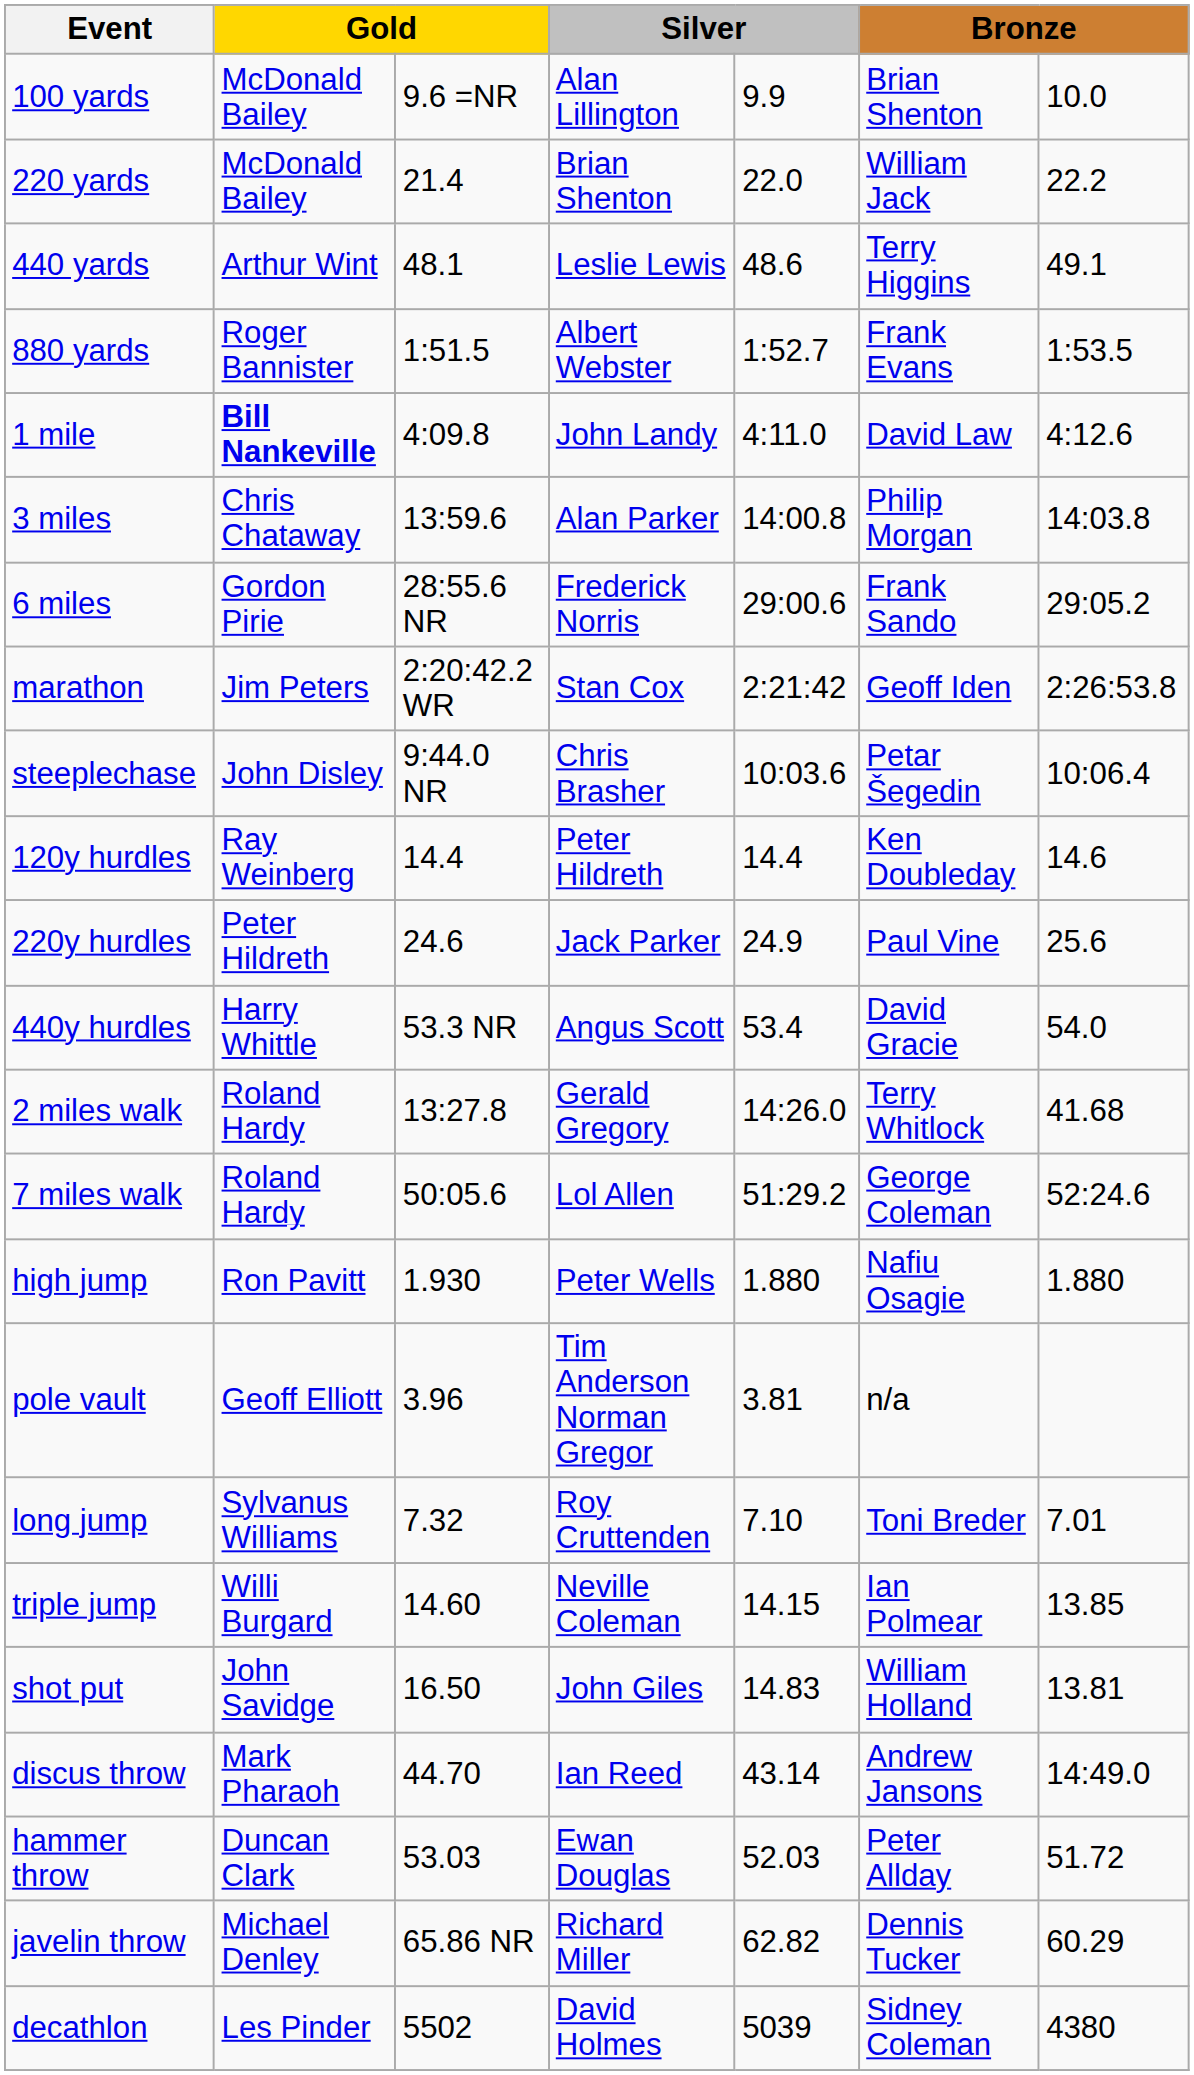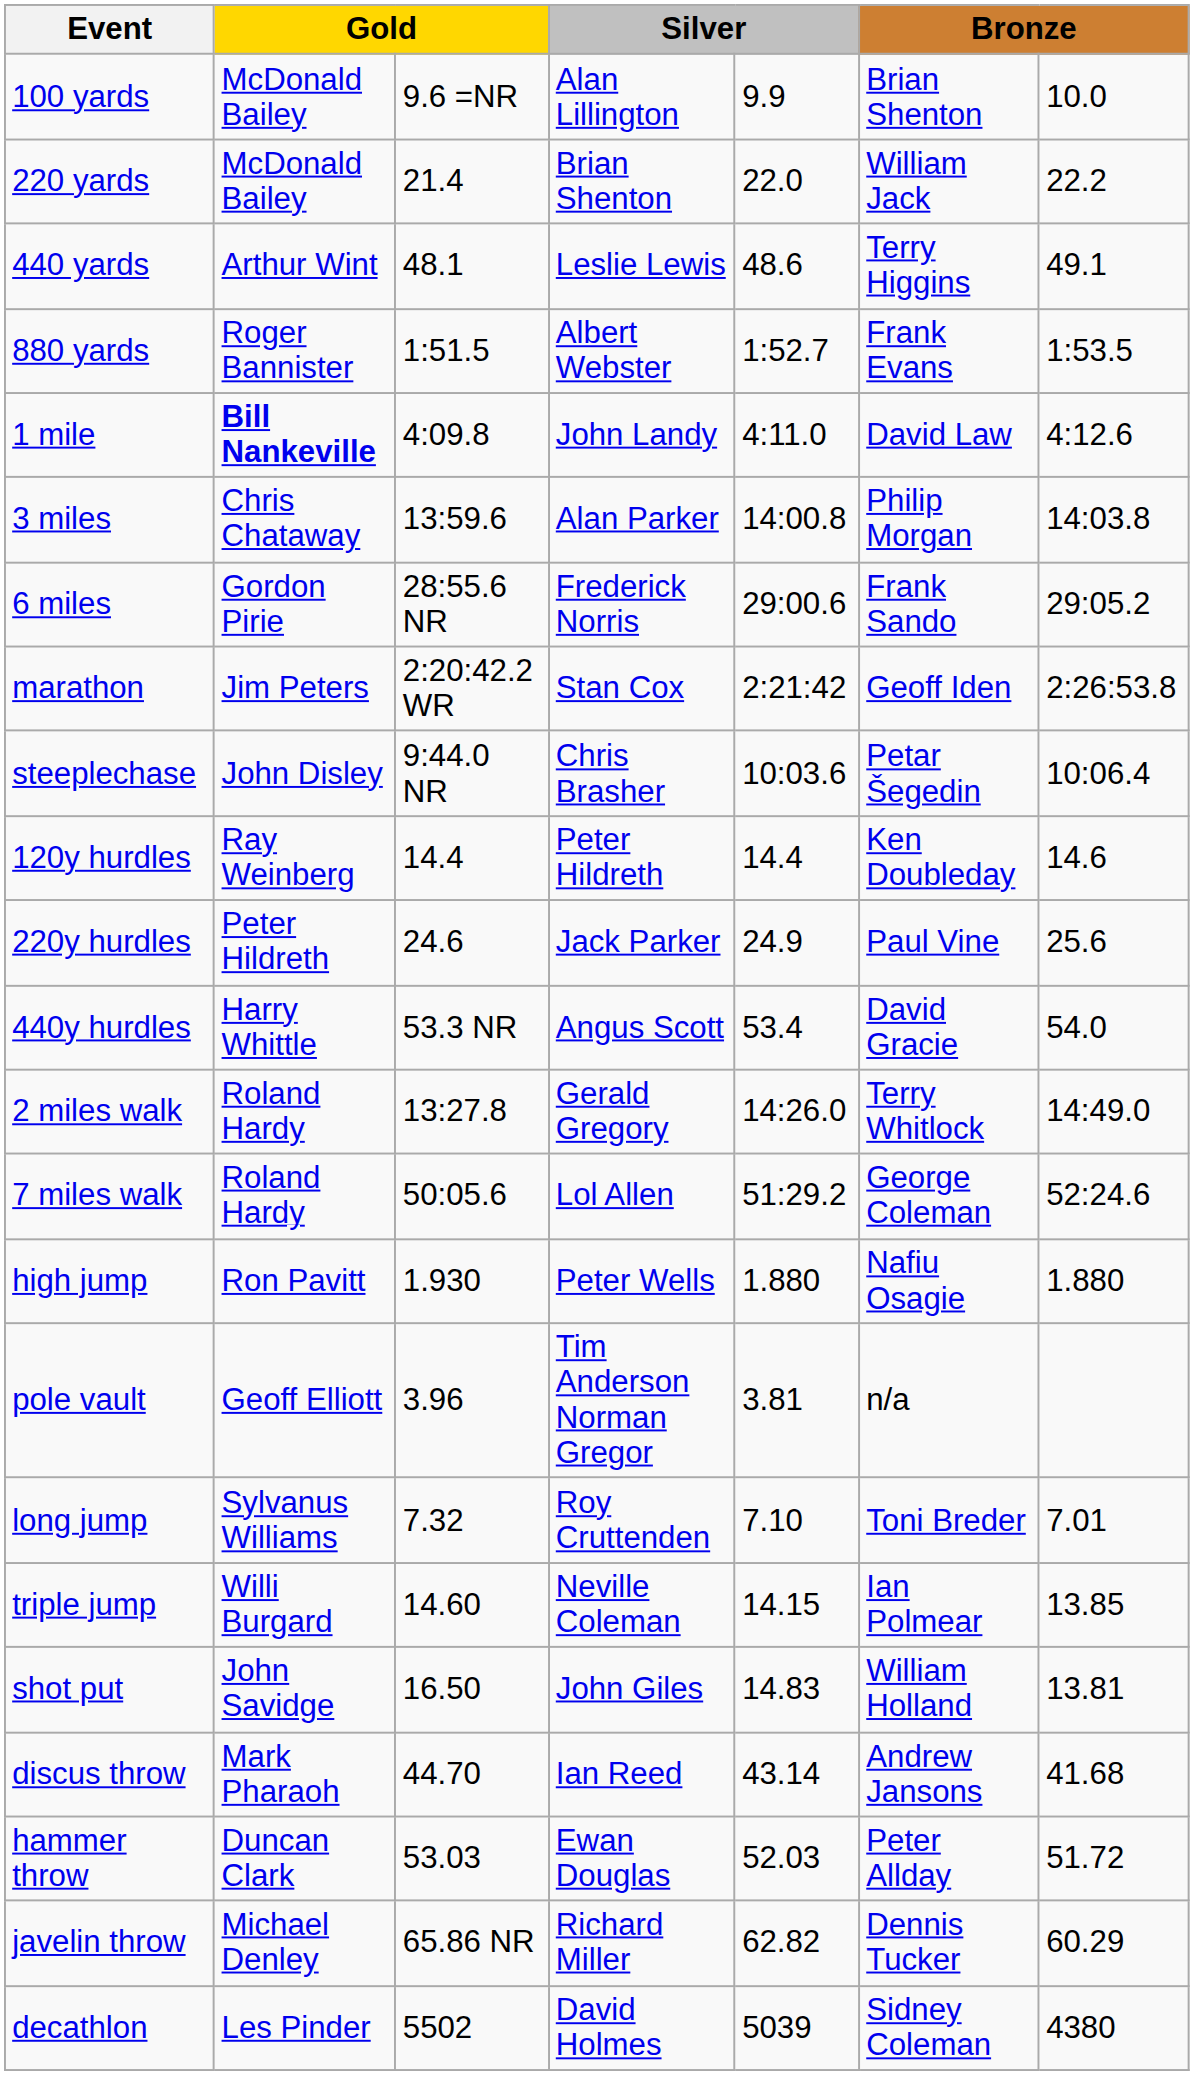 <table class="wikitable" style="text-align:left">
 <tr>
 <th width=100>Event</th>
 <th colspan="2" width="280" style="background:gold;">Gold</th>
 <th colspan="2" width="280" style="background:silver;">Silver</th>
 <th colspan="2" width="280" style="background:#CD7F32;">Bronze</th>
 </tr>
 <tr>
 <td><a href='#'>100 yards</a></td>
 <td><a href='#'>McDonald Bailey</a></td>
 <td>9.6 =NR</td>
 <td><a href='#'>Alan Lillington</a></td>
 <td>9.9</td>
 <td><a href='#'>Brian Shenton</a></td>
 <td>10.0</td>
 </tr>
 <tr>
 <td><a href='#'>220 yards</a></td>
 <td><a href='#'>McDonald Bailey</a></td>
 <td>21.4</td>
 <td><a href='#'>Brian Shenton</a></td>
 <td>22.0</td>
 <td> <a href='#'>William Jack</a></td>
 <td>22.2</td>
 </tr>
 <tr>
 <td><a href='#'>440 yards</a></td>
 <td> <a href='#'>Arthur Wint</a></td>
 <td>48.1</td>
 <td><a href='#'>Leslie Lewis</a></td>
 <td>48.6</td>
 <td><a href='#'>Terry Higgins</a></td>
 <td>49.1</td>
 </tr>
 <tr>
 <td><a href='#'>880 yards</a></td>
 <td><a href='#'>Roger Bannister</a></td>
 <td>1:51.5</td>
 <td><a href='#'>Albert Webster</a></td>
 <td>1:52.7</td>
 <td><a href='#'>Frank Evans</a></td>
 <td>1:53.5</td>
 </tr>
 <tr>
 <td><a href='#'>1 mile</a></td>
 <td><strong><a href='#'>Bill Nankeville</a></strong></td>
 <td>4:09.8</td>
 <td> <a href='#'>John Landy</a></td>
 <td>4:11.0</td>
 <td><a href='#'>David Law</a></td>
 <td>4:12.6</td>
 </tr>
 <tr>
 <td><a href='#'>3 miles</a></td>
 <td><a href='#'>Chris Chataway</a></td>
 <td>13:59.6</td>
 <td><a href='#'>Alan Parker</a></td>
 <td>14:00.8</td>
 <td><a href='#'>Philip Morgan</a></td>
 <td>14:03.8</td>
 </tr>
 <tr>
 <td><a href='#'>6 miles</a></td>
 <td><a href='#'>Gordon Pirie</a></td>
 <td>28:55.6 NR</td>
 <td><a href='#'>Frederick Norris</a></td>
 <td>29:00.6</td>
 <td><a href='#'>Frank Sando</a></td>
 <td>29:05.2</td>
 </tr>
 <tr>
 <td><a href='#'>marathon</a></td>
 <td><a href='#'>Jim Peters</a></td>
 <td>2:20:42.2 WR</td>
 <td><a href='#'>Stan Cox</a></td>
 <td>2:21:42</td>
 <td><a href='#'>Geoff Iden</a></td>
 <td>2:26:53.8</td>
 </tr>
 <tr>
 <td><a href='#'>steeplechase</a></td>
 <td> <a href='#'>John Disley</a></td>
 <td>9:44.0 NR</td>
 <td><a href='#'>Chris Brasher</a></td>
 <td>10:03.6</td>
 <td> <a href='#'>Petar Šegedin</a></td>
 <td>10:06.4</td>
 </tr>
 <tr>
 <td><a href='#'>120y hurdles</a></td>
 <td> <a href='#'>Ray Weinberg</a></td>
 <td>14.4</td>
 <td><a href='#'>Peter Hildreth</a></td>
 <td>14.4</td>
 <td> <a href='#'>Ken Doubleday</a></td>
 <td>14.6</td>
 </tr>
 <tr>
 <td><a href='#'>220y hurdles</a></td>
 <td><a href='#'>Peter Hildreth</a></td>
 <td>24.6</td>
 <td><a href='#'>Jack Parker</a></td>
 <td>24.9</td>
 <td><a href='#'>Paul Vine</a></td>
 <td>25.6</td>
 </tr>
 <tr>
 <td><a href='#'>440y hurdles</a></td>
 <td><a href='#'>Harry Whittle</a></td>
 <td>53.3 NR</td>
 <td><a href='#'>Angus Scott</a></td>
 <td>53.4</td>
 <td> <a href='#'>David Gracie</a></td>
 <td>54.0</td>
 </tr>
 <tr>
 <td><a href='#'>2 miles walk</a></td>
 <td><a href='#'>Roland Hardy</a></td>
 <td>13:27.8</td>
 <td><a href='#'>Gerald Gregory</a></td>
 <td>14:26.0</td>
 <td><a href='#'>Terry Whitlock</a></td>
-<td>41.68</td>
+<td>14:49.0</td>
 </tr>
 <tr>
 <td><a href='#'>7 miles walk</a></td>
 <td><a href='#'>Roland Hardy</a></td>
 <td>50:05.6</td>
 <td><a href='#'>Lol Allen</a></td>
 <td>51:29.2</td>
 <td><a href='#'>George Coleman</a></td>
 <td>52:24.6</td>
 </tr>
 <tr>
 <td><a href='#'>high jump</a></td>
 <td><a href='#'>Ron Pavitt</a></td>
 <td>1.930</td>
 <td><a href='#'>Peter Wells</a></td>
 <td>1.880</td>
 <td> <a href='#'>Nafiu Osagie</a></td>
 <td>1.880</td>
 </tr>
 <tr>
 <td><a href='#'>pole vault</a></td>
 <td><a href='#'>Geoff Elliott</a></td>
 <td>3.96</td>
 <td><a href='#'>Tim Anderson</a> <br> <a href='#'>Norman Gregor</a></td>
 <td>3.81</td>
 <td>n/a</td>
 <td></td>
 </tr>
 <tr>
 <td><a href='#'>long jump</a></td>
 <td> <a href='#'>Sylvanus Williams</a></td>
 <td>7.32</td>
 <td><a href='#'>Roy Cruttenden</a></td>
 <td>7.10</td>
 <td> <a href='#'>Toni Breder</a></td>
 <td>7.01</td>
 </tr>
 <tr>
 <td><a href='#'>triple jump</a></td>
 <td> <a href='#'>Willi Burgard</a></td>
 <td>14.60</td>
 <td><a href='#'>Neville Coleman</a></td>
 <td>14.15</td>
 <td> <a href='#'>Ian Polmear</a></td>
 <td>13.85</td>
 </tr>
 <tr>
 <td><a href='#'>shot put</a></td>
 <td><a href='#'>John Savidge</a></td>
 <td>16.50</td>
 <td><a href='#'>John Giles</a></td>
 <td>14.83</td>
 <td><a href='#'>William Holland</a></td>
 <td>13.81</td>
 </tr>
 <tr>
 <td><a href='#'>discus throw</a></td>
 <td><a href='#'>Mark Pharaoh</a></td>
 <td>44.70</td>
 <td> <a href='#'>Ian Reed</a></td>
 <td>43.14</td>
 <td><a href='#'>Andrew Jansons</a></td>
-<td>14:49.0</td>
+<td>41.68</td>
 </tr>
 <tr>
 <td><a href='#'>hammer throw</a></td>
 <td> <a href='#'>Duncan Clark</a></td>
 <td>53.03</td>
 <td> <a href='#'>Ewan Douglas</a></td>
 <td>52.03</td>
 <td><a href='#'>Peter Allday</a></td>
 <td>51.72</td>
 </tr>
 <tr>
 <td><a href='#'>javelin throw</a></td>
 <td><a href='#'>Michael Denley</a></td>
 <td>65.86 NR</td>
 <td><a href='#'>Richard Miller</a></td>
 <td>62.82</td>
 <td><a href='#'>Dennis Tucker</a></td>
 <td>60.29</td>
 </tr>
 <tr>
 <td><a href='#'>decathlon</a></td>
 <td><a href='#'>Les Pinder</a></td>
 <td>5502</td>
 <td><a href='#'>David Holmes</a></td>
 <td>5039</td>
 <td><a href='#'>Sidney Coleman</a></td>
 <td>4380</td>
 </tr>
 </table>
